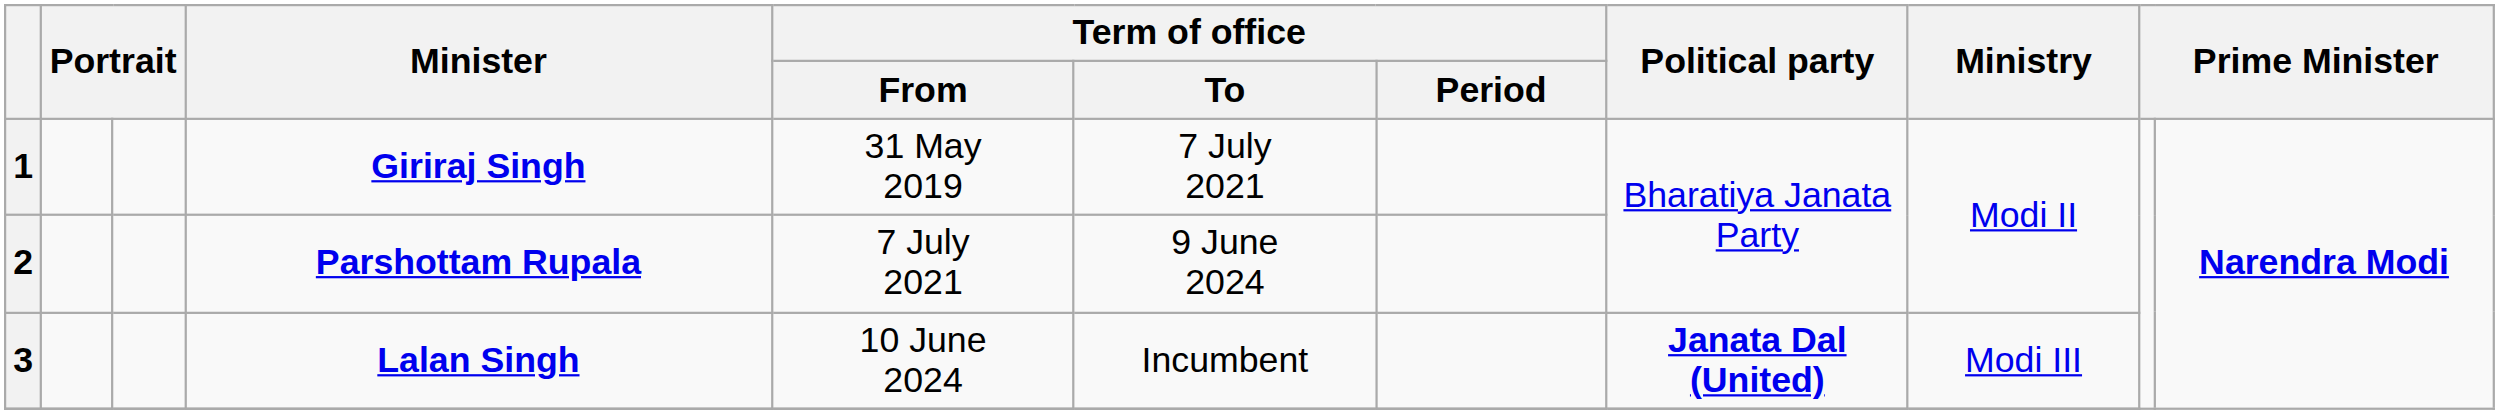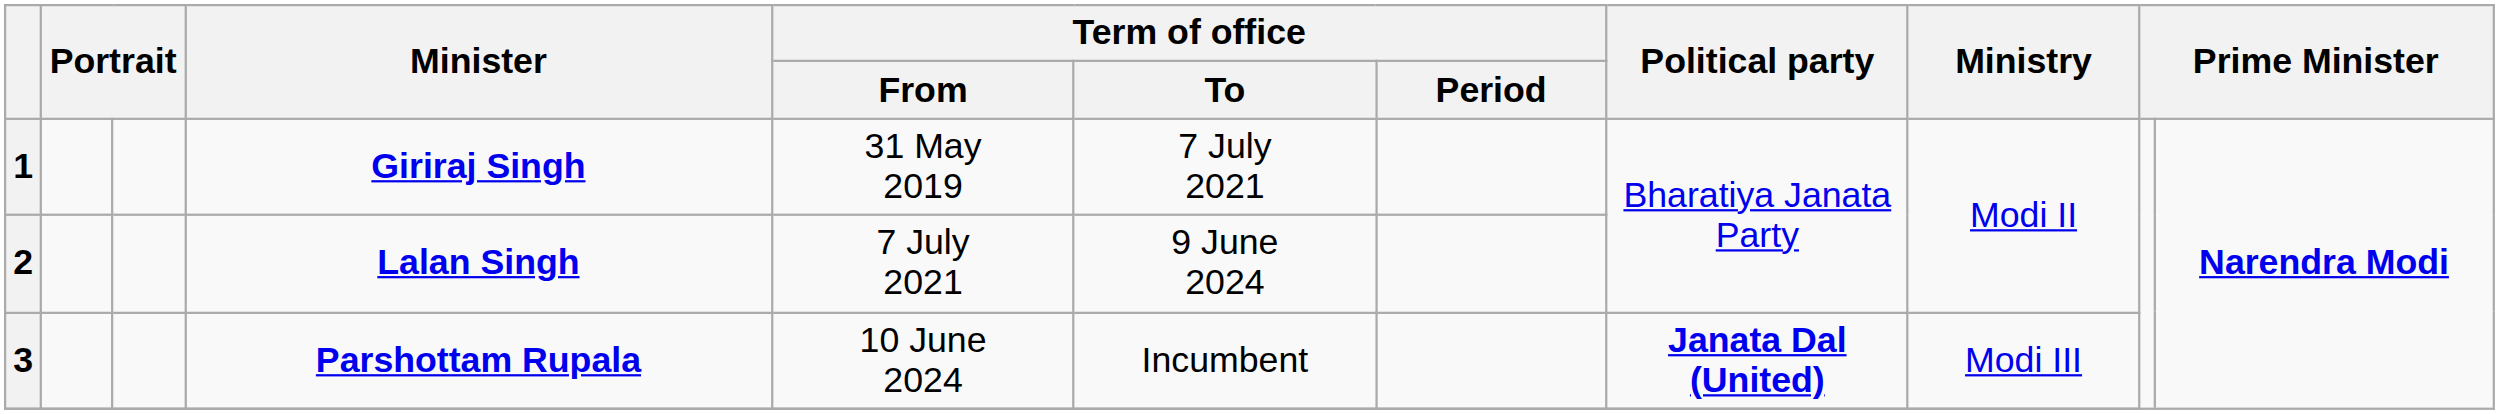 <table class="wikitable" style="text-align:center">
 <tr>
 <th rowspan="2"></th>
 <th rowspan="2" colspan="2">Portrait</th>
 <th rowspan="2" style="width:16em">Minister<br></th>
 <th colspan="3">Term of office</th>
 <th rowspan="2" style="width:8em">Political party</th>
 <th rowspan="2" style="width:6em">Ministry</th>
 <th rowspan="2" colspan="2">Prime Minister</th>
 </tr>
 <tr>
 <th style="width:8em">From</th>
 <th style="width:8em">To</th>
 <th style="width:6em">Period</th>
 </tr>
 <tr>
 <th>1</th>
 <td></td>
 <td></td>
 <td><strong><a href='#'>Giriraj Singh</a></strong><br></td>
 <td>31 May<br>2019</td>
 <td>7 July<br>2021</td>
 <td><strong></strong></td>
 <td rowspan="2"><a href='#'>Bharatiya Janata Party</a></td>
 <td rowspan="2"><a href='#'>Modi II</a></td>
 <td rowspan="4"></td>
 <td rowspan="4" style="width:9em"><strong><a href='#'>Narendra Modi</a></strong></td>
 </tr>
 <tr>
 <th>2</th>
 <td></td>
 <td></td>
-<td><strong><a href='#'>Parshottam Rupala</a></strong><br></td>
+<td><strong><a href='#'>Lalan Singh</a></strong><br></td>
 <td>7 July<br>2021</td>
 <td>9 June<br>2024</td>
 <td><strong></strong></td>
 </tr>
 <tr>
 <th>3</th>
 <td></td>
 <td></td>
-<td><strong><a href='#'>Lalan Singh</a></strong><br></td>
+<td><strong><a href='#'>Parshottam Rupala</a></strong><br></td>
 <td>10 June<br>2024</td>
 <td>Incumbent</td>
 <td><strong></strong></td>
 <td><strong><a href='#'>Janata Dal (United)</a></strong></td>
 <td><a href='#'>Modi III</a></td>
 </tr>
 <tr>
 </tr>
 </table>
